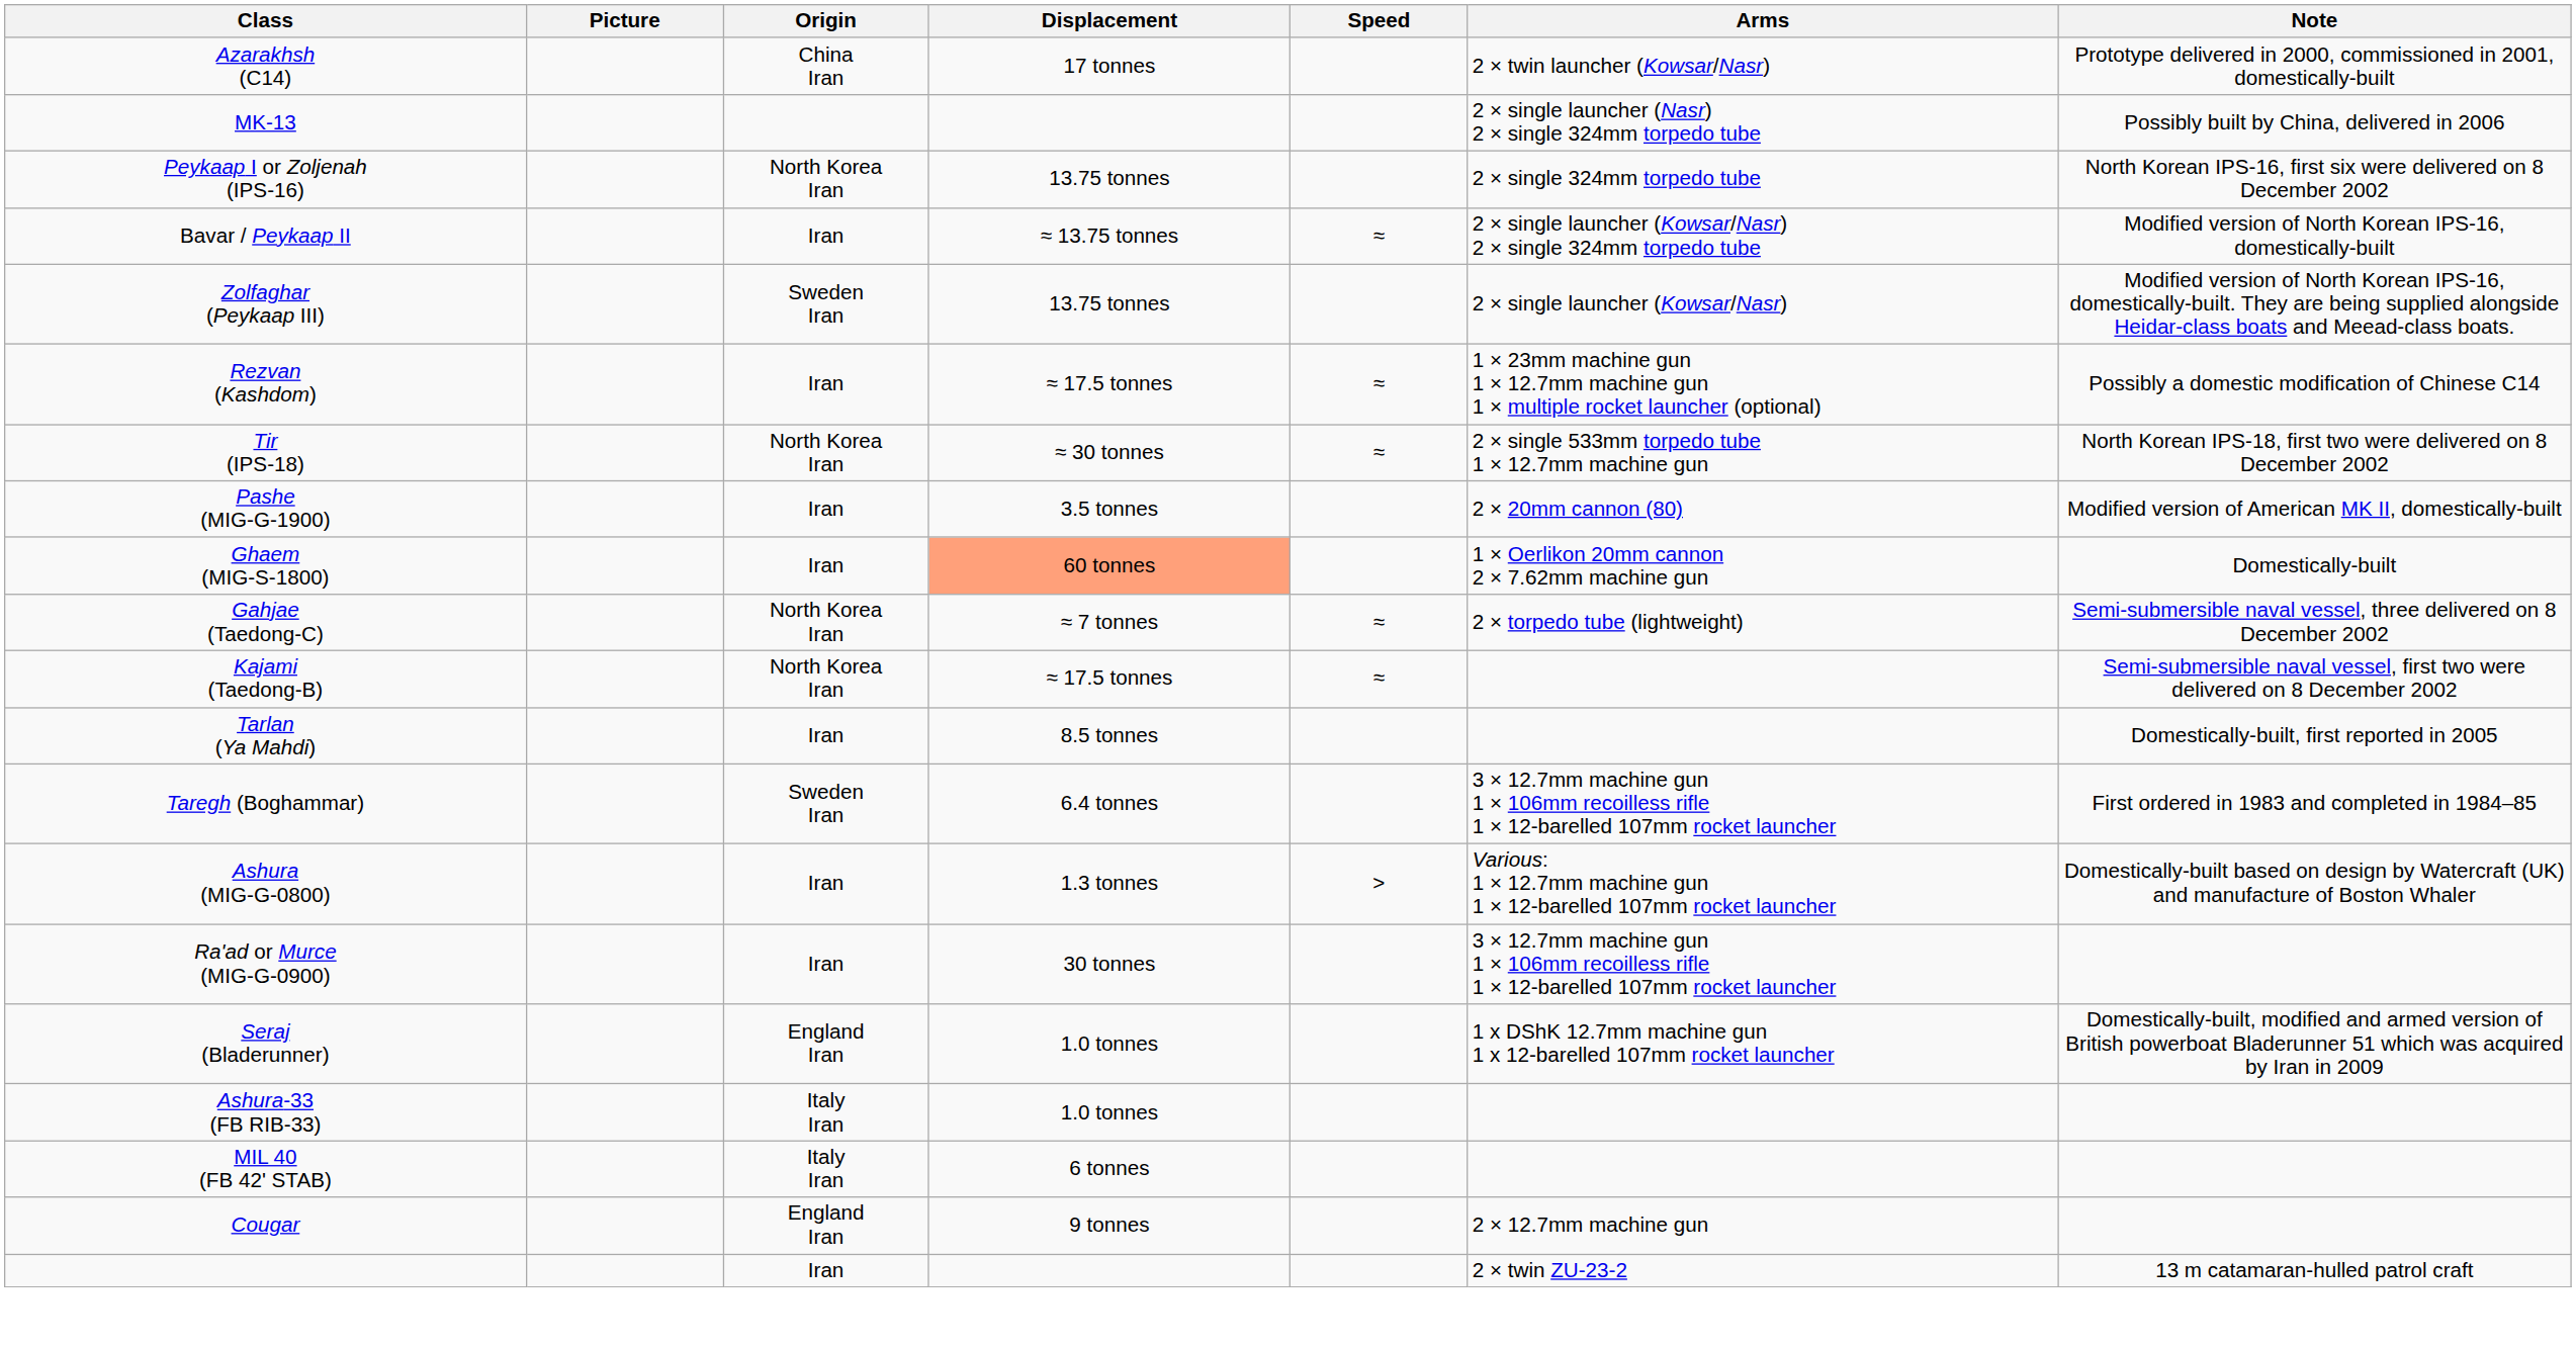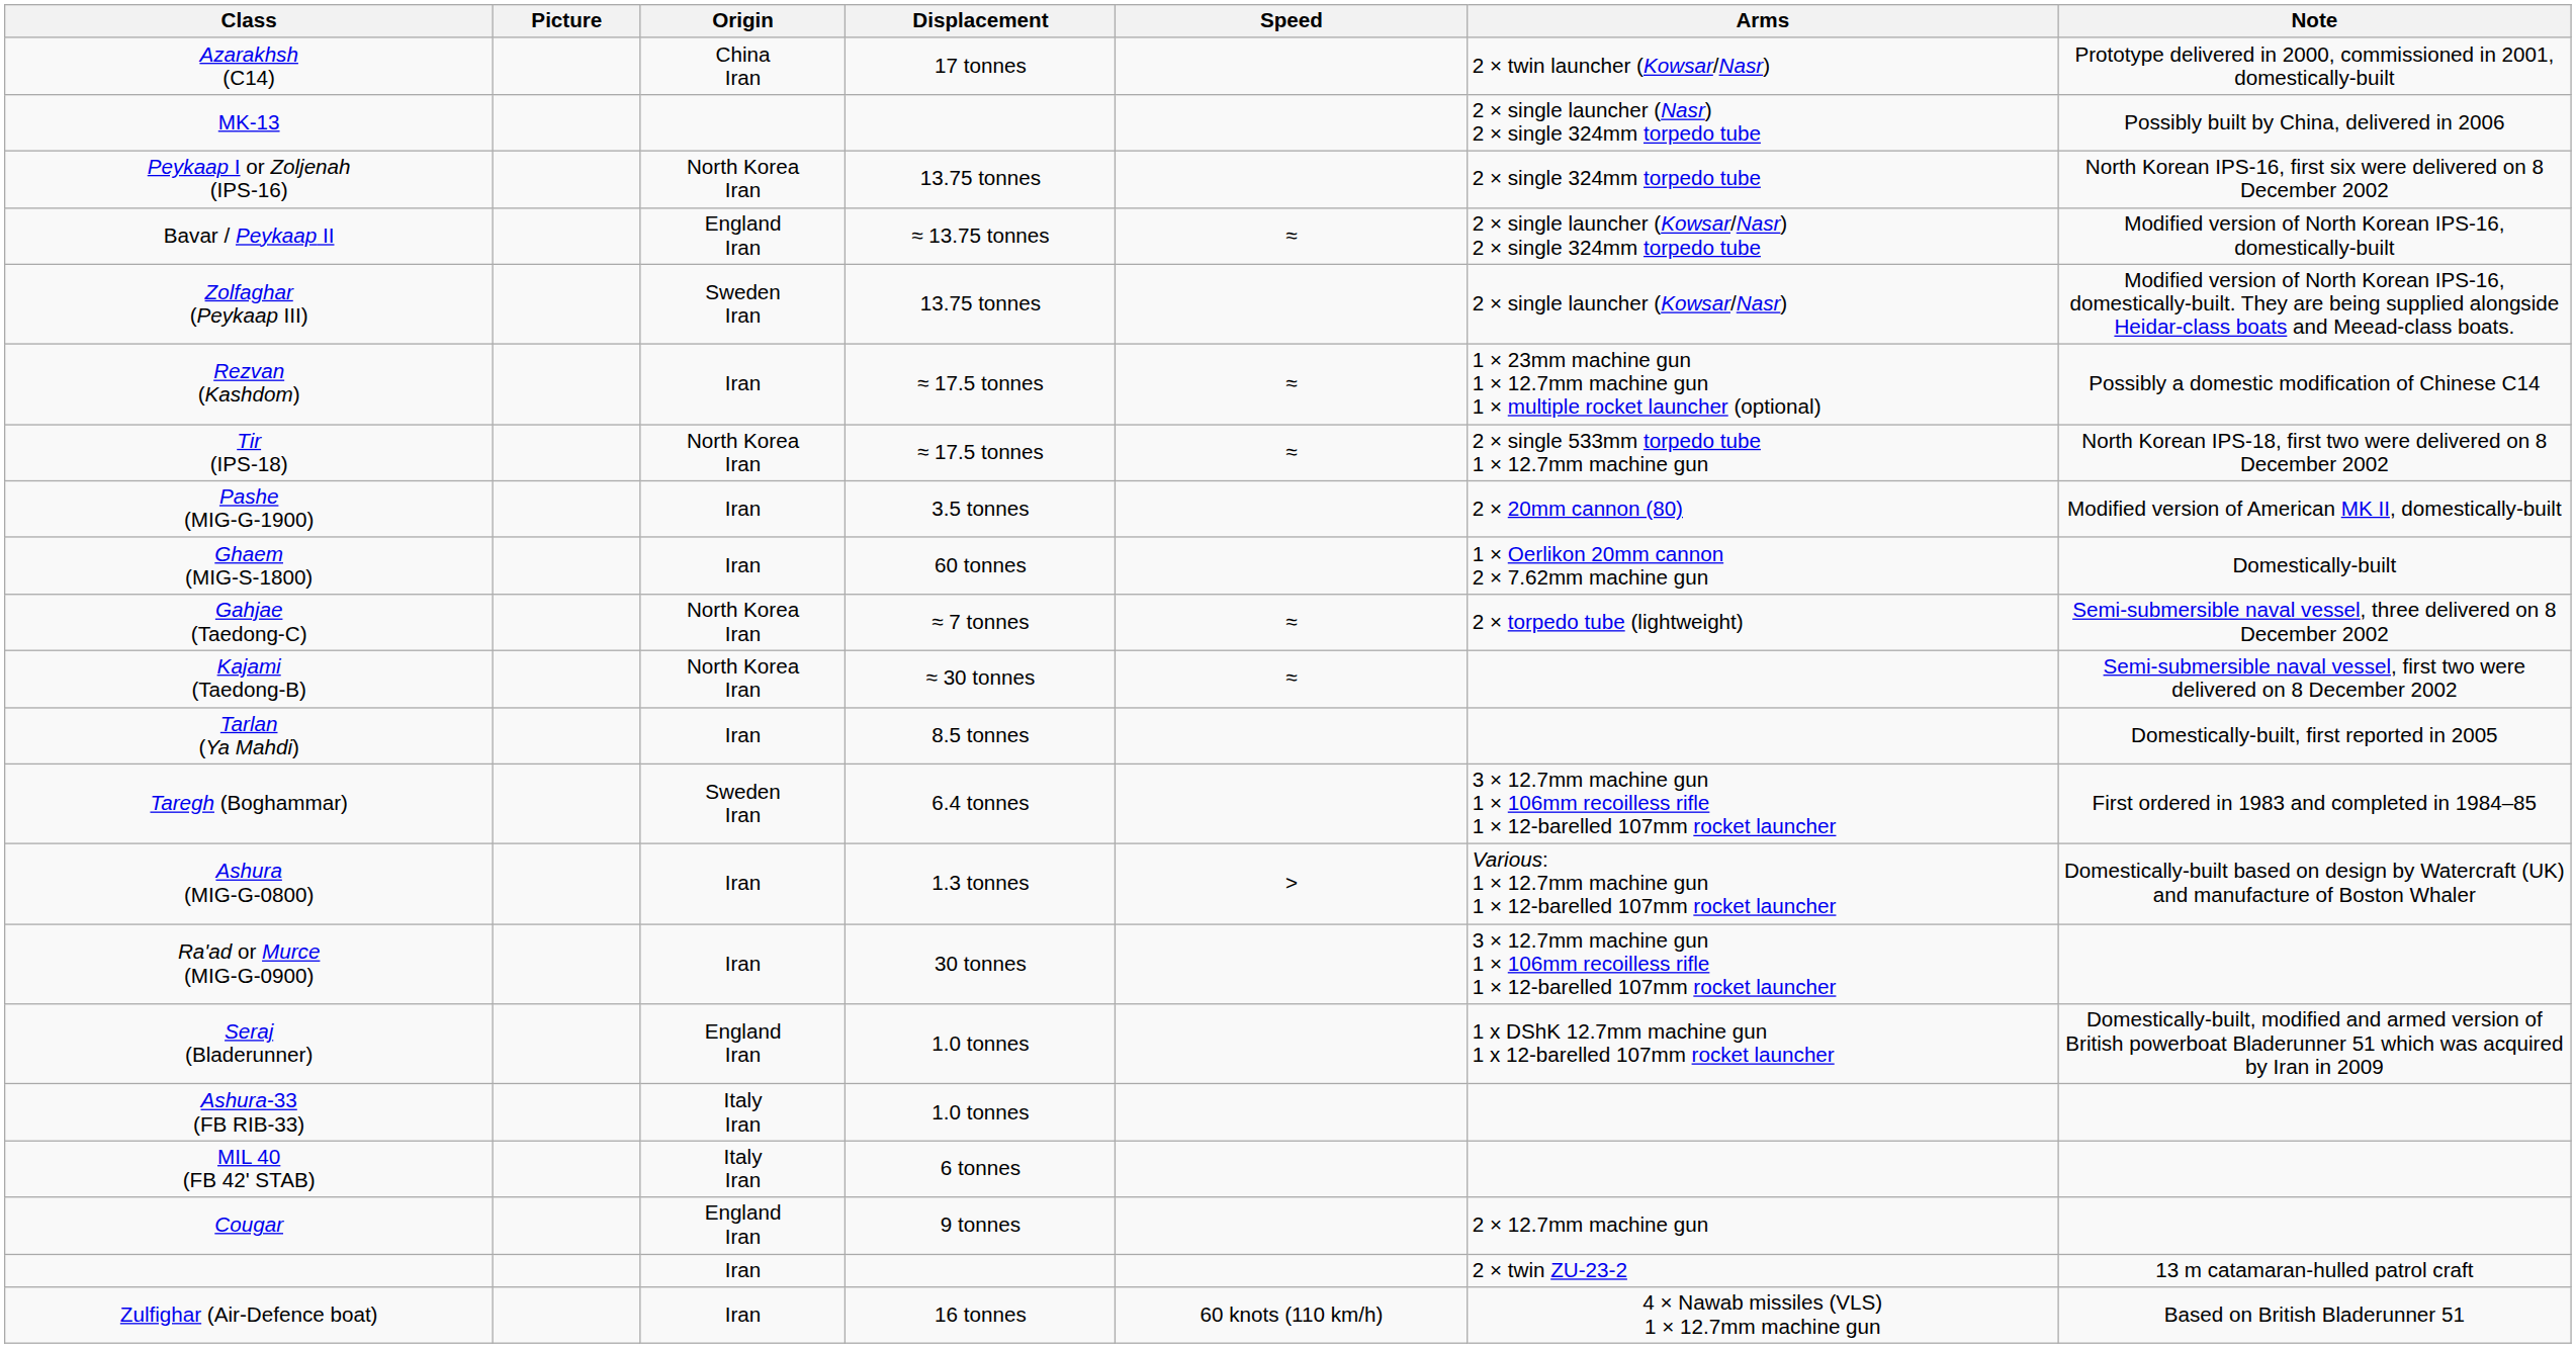 <table class="wikitable" style="text-align:center;">
 <tr>
 <th>Class</th>
 <th>Picture</th>
 <th style="width:8%;">Origin</th>
 <th>Displacement</th>
 <th>Speed</th>
 <th style="width:23%;">Arms</th>
 <th style="width:20%;">Note</th>
 </tr>
 <tr>
 <td><a href='#'><em>Azarakhsh</em></a><br>(C14)</td>
 <td></td>
 <td>China<br>Iran</td>
 <td>17 tonnes</td>
 <td></td>
 <td style="text-align:left">2 × twin launcher (<em><a href='#'>Kowsar</a></em>/<em><a href='#'>Nasr</a></em>)</td>
 <td>Prototype delivered in 2000, commissioned in 2001, domestically-built</td>
 </tr>
 <tr>
 <td><a href='#'>MK-13</a></td>
 <td></td>
 <td></td>
 <td></td>
 <td></td>
 <td style="text-align:left">2 × single launcher (<em><a href='#'>Nasr</a></em>)<br>2 × single 324mm <a href='#'>torpedo tube</a></td>
 <td>Possibly built by China, delivered in 2006</td>
 </tr>
 <tr>
 <td><a href='#'><em>Peykaap</em> I</a> or <em>Zoljenah</em><br>(IPS-16)</td>
 <td></td>
 <td>North Korea<br>Iran</td>
 <td>13.75 tonnes</td>
 <td></td>
 <td style="text-align:left">2 × single 324mm <a href='#'>torpedo tube</a></td>
 <td>North Korean IPS-16, first six were delivered on 8 December 2002</td>
 </tr>
 <tr>
 <td>Bavar / <a href='#'><em>Peykaap</em> II</a></td>
 <td></td>
-<td>Iran</td>
+<td>England<br>Iran</td>
 <td>≈ 13.75 tonnes</td>
 <td>≈ </td>
 <td style="text-align:left">2 × single launcher (<em><a href='#'>Kowsar</a></em>/<em><a href='#'>Nasr</a></em>)<br>2 × single 324mm <a href='#'>torpedo tube</a></td>
 <td>Modified version of North Korean IPS-16, domestically-built</td>
 </tr>
 <tr>
 <td><a href='#'><em>Zolfaghar</em></a><br>(<em>Peykaap</em> III)</td>
 <td></td>
 <td>Sweden<br>Iran</td>
 <td>13.75 tonnes</td>
 <td></td>
 <td style="text-align:left">2 × single launcher (<em><a href='#'>Kowsar</a></em>/<em><a href='#'>Nasr</a></em>)</td>
 <td>Modified version of North Korean IPS-16, domestically-built. They are being supplied alongside <a href='#'>Heidar-class boats</a> and Meead-class boats.</td>
 </tr>
 <tr>
 <td><a href='#'><em>Rezvan</em></a><br>(<em>Kashdom</em>)</td>
 <td></td>
 <td>Iran</td>
 <td>≈ 17.5 tonnes</td>
 <td>≈ </td>
 <td style="text-align:left">1 × 23mm machine gun<br>1 × 12.7mm machine gun<br>1 × <a href='#'>multiple rocket launcher</a> (optional)</td>
 <td>Possibly a domestic modification of Chinese C14</td>
 </tr>
 <tr>
 <td><a href='#'><em>Tir</em></a><br>(IPS-18)</td>
 <td></td>
 <td>North Korea<br>Iran</td>
-<td>≈ 30 tonnes</td>
+<td>≈ 17.5 tonnes</td>
 <td>≈ </td>
 <td style="text-align:left">2 × single 533mm <a href='#'>torpedo tube</a><br>1 × 12.7mm machine gun</td>
 <td>North Korean IPS-18, first two were delivered on 8 December 2002</td>
 </tr>
 <tr>
 <td><a href='#'><em>Pashe</em></a><br>(MIG-G-1900)</td>
 <td></td>
 <td>Iran</td>
 <td>3.5 tonnes</td>
 <td></td>
 <td style="text-align:left">2 × <a href='#'>20mm cannon (80)</a></td>
 <td>Modified version of American <a href='#'>MK II</a>, domestically-built</td>
 </tr>
 <tr>
 <td><a href='#'><em>Ghaem</em></a><br>(MIG-S-1800)</td>
 <td></td>
 <td>Iran</td>
-<td style="background: lightsalmon;">60 tonnes</td>
+<td>60 tonnes</td>
 <td></td>
 <td style="text-align:left">1 × <a href='#'>Oerlikon 20mm cannon</a><br>2 × 7.62mm machine gun</td>
 <td>Domestically-built</td>
 </tr>
 <tr>
 <td><a href='#'><em>Gahjae</em></a><br>(Taedong-C)</td>
 <td></td>
 <td>North Korea<br>Iran</td>
 <td>≈ 7 tonnes</td>
 <td>≈ </td>
 <td style="text-align:left">2 × <a href='#'>torpedo tube</a> (lightweight)</td>
 <td><a href='#'>Semi-submersible naval vessel</a>, three delivered on 8 December 2002</td>
 </tr>
 <tr>
 <td><a href='#'><em>Kajami</em></a><br>(Taedong-B)</td>
 <td></td>
 <td>North Korea<br>Iran</td>
-<td>≈ 17.5 tonnes</td>
+<td>≈ 30 tonnes</td>
 <td>≈ </td>
 <td></td>
 <td><a href='#'>Semi-submersible naval vessel</a>, first two were delivered on 8 December 2002</td>
 </tr>
 <tr>
 <td><a href='#'><em>Tarlan</em></a><br>(<em>Ya Mahdi</em>)</td>
 <td></td>
 <td>Iran</td>
 <td>8.5 tonnes</td>
 <td></td>
 <td></td>
 <td>Domestically-built, first reported in 2005</td>
 </tr>
 <tr>
 <td><a href='#'><em>Taregh</em></a> (Boghammar)</td>
 <td></td>
 <td>Sweden<br>Iran</td>
 <td>6.4 tonnes</td>
 <td></td>
 <td style="text-align:left">3 × 12.7mm machine gun<br>1 × <a href='#'>106mm recoilless rifle</a><br>1 × 12-barelled 107mm <a href='#'>rocket launcher</a></td>
 <td>First ordered in 1983 and completed in 1984–85</td>
 </tr>
 <tr>
 <td><a href='#'><em>Ashura</em></a><br>(MIG-G-0800)</td>
 <td></td>
 <td>Iran</td>
 <td>1.3 tonnes</td>
 <td>></td>
 <td style="text-align:left"><em>Various</em>:<br>1 × 12.7mm machine gun<br>1 × 12-barelled 107mm <a href='#'>rocket launcher</a></td>
 <td>Domestically-built based on design by Watercraft (UK) and manufacture of Boston Whaler</td>
 </tr>
 <tr>
 <td><em>Ra'ad</em> or <a href='#'><em>Murce</em></a><br>(MIG-G-0900)</td>
 <td></td>
 <td>Iran</td>
 <td>30 tonnes</td>
 <td></td>
 <td style="text-align:left">3 × 12.7mm machine gun<br>1 × <a href='#'>106mm recoilless rifle</a><br>1 × 12-barelled 107mm <a href='#'>rocket launcher</a></td>
 <td></td>
 </tr>
 <tr>
 <td><em><a href='#'>Seraj</a></em><br>(Bladerunner)</td>
 <td></td>
 <td>England<br>Iran</td>
 <td>1.0 tonnes</td>
 <td></td>
 <td style="text-align:left">1 x DShK 12.7mm machine gun<br>1 x 12-barelled 107mm <a href='#'>rocket launcher</a></td>
 <td>Domestically-built, modified and armed version of British powerboat Bladerunner 51 which was acquired by Iran in 2009</td>
 </tr>
 <tr>
 <td><a href='#'><em>Ashura</em>-33</a><br>(FB RIB-33)</td>
 <td></td>
 <td>Italy<br>Iran</td>
 <td>1.0 tonnes</td>
 <td></td>
 <td style="text-align:left"></td>
 <td></td>
 </tr>
 <tr>
 <td><a href='#'>MIL 40</a><br>(FB 42' STAB)</td>
 <td></td>
 <td>Italy<br>Iran</td>
 <td>6 tonnes</td>
 <td></td>
 <td style="text-align:left"></td>
 <td></td>
 </tr>
 <tr>
 <td><a href='#'><em>Cougar</em></a></td>
 <td></td>
 <td>England<br>Iran</td>
 <td>9 tonnes</td>
 <td></td>
 <td style="text-align:left">2 × 12.7mm machine gun</td>
 <td></td>
 </tr>
 <tr>
 <td></td>
 <td></td>
 <td>Iran</td>
 <td></td>
 <td></td>
 <td style="text-align:left">2 × twin <a href='#'>ZU-23-2</a></td>
 <td>13 m catamaran-hulled patrol craft</td>
 </tr>
+<tr>
+<td><a href='#'>Zulfighar</a> (Air-Defence boat)</td>
+<td></td>
+<td>Iran</td>
+<td>16 tonnes</td>
+<td>60 knots (110 km/h)</td>
+<td>4 × Nawab missiles (VLS)<br>1 × 12.7mm machine gun</td>
+<td>Based on British Bladerunner 51</td>
+</tr>
 </table>
